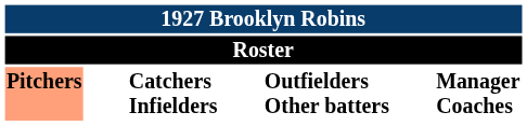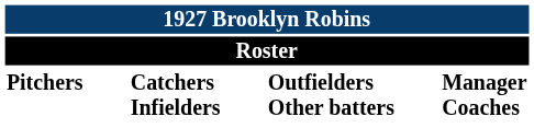 <table class="toccolours" style="font-size: 95%;">
 <tr>
 <th colspan="10" style="background-color: #083c6b; color: white; text-align: center;">1927 Brooklyn Robins</th>
 </tr>
 <tr>
 <td colspan="10" style="background-color: black; color: white; text-align: center;"><strong>Roster</strong></td>
 </tr>
 <tr>
-<td valign="top" style="background: lightsalmon;"><strong>Pitchers</strong><br>           </td>
+<td valign="top"><strong>Pitchers</strong><br>           </td>
 <td width="25px"></td>
 <td valign="top"><strong>Catchers</strong><br>   <strong>Infielders</strong>       </td>
 <td width="25px"></td>
 <td valign="top"><strong>Outfielders</strong><br>        <strong>Other batters</strong> </td>
 <td width="25px"></td>
 <td valign="top"><strong>Manager</strong><br> <strong>Coaches</strong> </td>
 </tr>
 </table>
